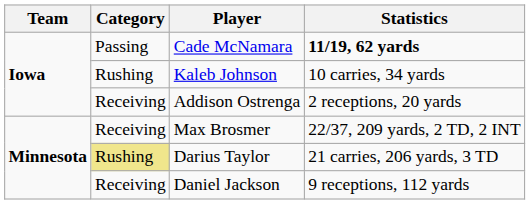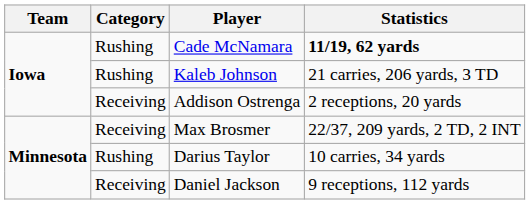 <table class="wikitable" style="float: right;">
 <tr>
 <th>Team</th>
 <th>Category</th>
 <th>Player</th>
 <th>Statistics</th>
 </tr>
 <tr>
 <td rowspan=3><strong>Iowa</strong></td>
-<td>Passing</td>
+<td>Rushing</td>
 <td><a href='#'>Cade McNamara</a></td>
 <td><strong>11/19, 62 yards</strong></td>
 </tr>
 <tr>
 <td>Rushing</td>
 <td><a href='#'>Kaleb Johnson</a></td>
-<td>10 carries, 34 yards</td>
+<td>21 carries, 206 yards, 3 TD</td>
 </tr>
 <tr>
 <td>Receiving</td>
 <td>Addison Ostrenga</td>
 <td>2 receptions, 20 yards</td>
 </tr>
 <tr>
 <td rowspan=3><strong>Minnesota</strong></td>
 <td>Receiving</td>
 <td>Max Brosmer</td>
 <td>22/37, 209 yards, 2 TD, 2 INT</td>
 </tr>
 <tr>
-<td style="background: khaki;">Rushing</td>
+<td>Rushing</td>
 <td>Darius Taylor</td>
-<td>21 carries, 206 yards, 3 TD</td>
+<td>10 carries, 34 yards</td>
 </tr>
 <tr>
 <td>Receiving</td>
 <td>Daniel Jackson</td>
 <td>9 receptions, 112 yards</td>
 </tr>
 </table>
